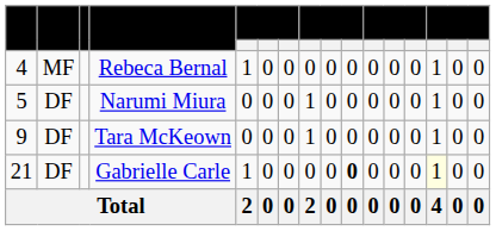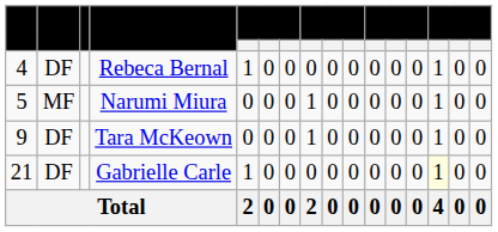 <table class="wikitable sortable" style="text-align:center;">
 <tr>
 <th rowspan="2" style="background:#000000; "></th>
 <th rowspan="2" style="background:#000000; "></th>
 <th rowspan="2" style="background:#000000; "></th>
 <th rowspan="2" style="background:#000000; ">Name</th>
 <th colspan="3" style="background:#000000; "></th>
 <th colspan="3" style="background:#000000; "></th>
 <th colspan="3" style="background:#000000; "></th>
 <th colspan="3" style="background:#000000; ">Total</th>
 </tr>
 <tr>
 <th></th>
 <th></th>
 <th></th>
 <th></th>
 <th></th>
 <th></th>
 <th></th>
 <th></th>
 <th></th>
 <th></th>
 <th></th>
 <th></th>
 </tr>
 <tr>
 <td>4</td>
-<td>MF</td>
+<td>DF</td>
 <td></td>
 <td><a href='#'>Rebeca Bernal</a></td>
 <td>1</td>
 <td>0</td>
 <td>0</td>
 <td>0</td>
 <td>0</td>
 <td>0</td>
 <td>0</td>
 <td>0</td>
 <td>0</td>
 <td>1</td>
 <td>0</td>
 <td>0</td>
 </tr>
 <tr>
 <td>5</td>
-<td>DF</td>
+<td>MF</td>
 <td></td>
 <td><a href='#'>Narumi Miura</a></td>
 <td>0</td>
 <td>0</td>
 <td>0</td>
 <td>1</td>
 <td>0</td>
 <td>0</td>
 <td>0</td>
 <td>0</td>
 <td>0</td>
 <td>1</td>
 <td>0</td>
 <td>0</td>
 </tr>
 <tr>
 <td>9</td>
 <td>DF</td>
 <td></td>
 <td><a href='#'>Tara McKeown</a></td>
 <td>0</td>
 <td>0</td>
 <td>0</td>
 <td>1</td>
 <td>0</td>
 <td>0</td>
 <td>0</td>
 <td>0</td>
 <td>0</td>
 <td>1</td>
 <td>0</td>
 <td>0</td>
 </tr>
 <tr>
 <td>21</td>
 <td>DF</td>
 <td></td>
 <td><a href='#'>Gabrielle Carle</a></td>
 <td>1</td>
 <td>0</td>
 <td>0</td>
 <td>0</td>
 <td>0</td>
-<td><strong>0</strong></td>
+<td>0</td>
 <td>0</td>
 <td>0</td>
 <td>0</td>
 <td style="background: lightyellow;">1</td>
 <td>0</td>
 <td>0</td>
 </tr>
 <tr>
 <th colspan="4">Total</th>
 <th>2</th>
 <th>0</th>
 <th>0</th>
 <th>2</th>
 <th>0</th>
 <th>0</th>
 <th>0</th>
 <th>0</th>
 <th>0</th>
 <th>4</th>
 <th>0</th>
 <th>0</th>
 </tr>
 </table>
